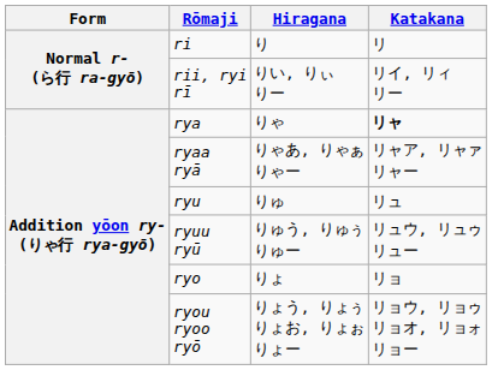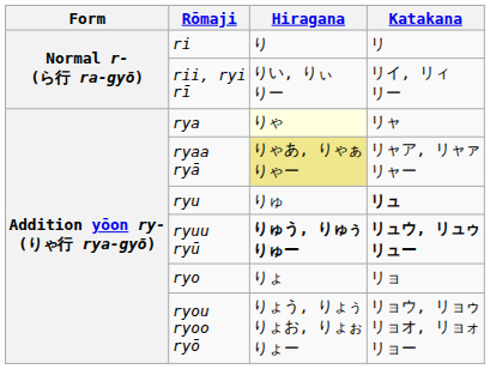 <table class="wikitable">
 <tr>
 <th>Form</th>
 <th><a href='#'>Rōmaji</a></th>
 <th><a href='#'>Hiragana</a></th>
 <th><a href='#'>Katakana</a></th>
 </tr>
 <tr>
 <th rowspan="2">Normal <em>r-</em><br>(ら行 <em>ra-gyō</em>)</th>
 <td><em>ri</em></td>
 <td>り</td>
 <td>リ</td>
 </tr>
 <tr>
 <td><em>rii, ryi</em><br><em>rī</em></td>
 <td>りい, りぃ<br>りー</td>
 <td>リイ, リィ<br>リー</td>
 </tr>
 <tr>
 <th rowspan="6">Addition <a href='#'>yōon</a> <em>ry-</em><br>(りゃ行 <em>rya-gyō</em>)</th>
 <td><em>rya</em></td>
-<td>りゃ</td>
-<td><strong>リャ</strong></td>
+<td style="background: lightyellow;">りゃ</td>
+<td>リャ</td>
 </tr>
 <tr>
 <td><em>ryaa</em><br><em>ryā</em></td>
-<td>りゃあ, りゃぁ<br>りゃー</td>
+<td style="background: khaki;">りゃあ, りゃぁ<br>りゃー</td>
 <td>リャア, リャァ<br>リャー</td>
 </tr>
 <tr>
 <td><em>ryu</em></td>
 <td>りゅ</td>
-<td>リュ</td>
+<td><strong>リュ</strong></td>
 </tr>
 <tr>
 <td><em>ryuu</em><br><em>ryū</em></td>
-<td>りゅう, りゅぅ<br>りゅー</td>
-<td>リュウ, リュゥ<br>リュー</td>
+<td><strong>りゅう, りゅぅ<br>りゅー</strong></td>
+<td><strong>リュウ, リュゥ<br>リュー</strong></td>
 </tr>
 <tr>
 <td><em>ryo</em></td>
 <td>りょ</td>
 <td>リョ</td>
 </tr>
 <tr>
 <td><em>ryou</em><br><em>ryoo</em><br><em>ryō</em></td>
 <td>りょう, りょぅ<br>りょお, りょぉ<br>りょー</td>
 <td>リョウ, リョゥ<br>リョオ, リョォ<br>リョー</td>
 </tr>
 </table>
